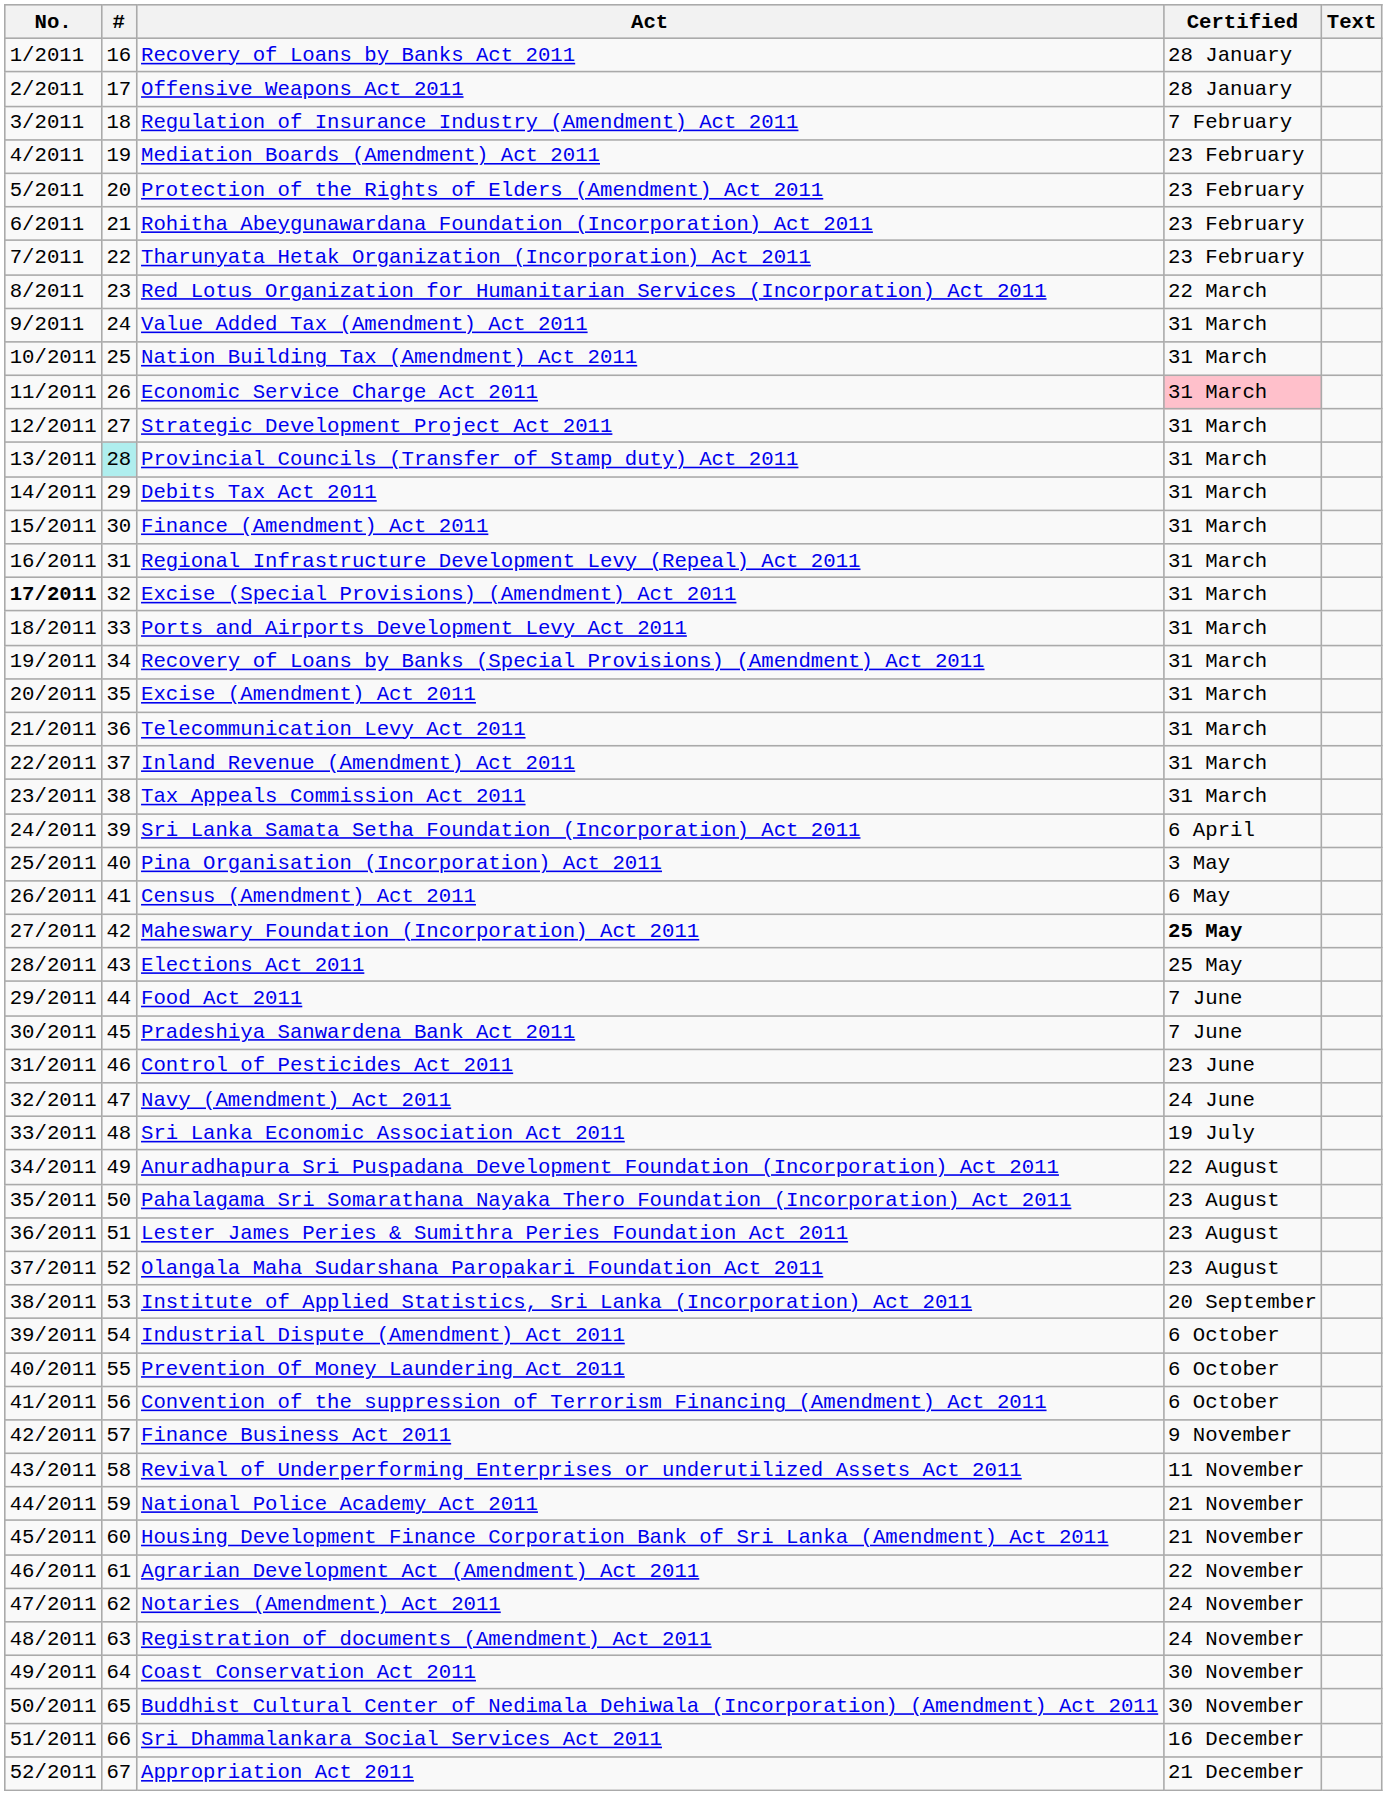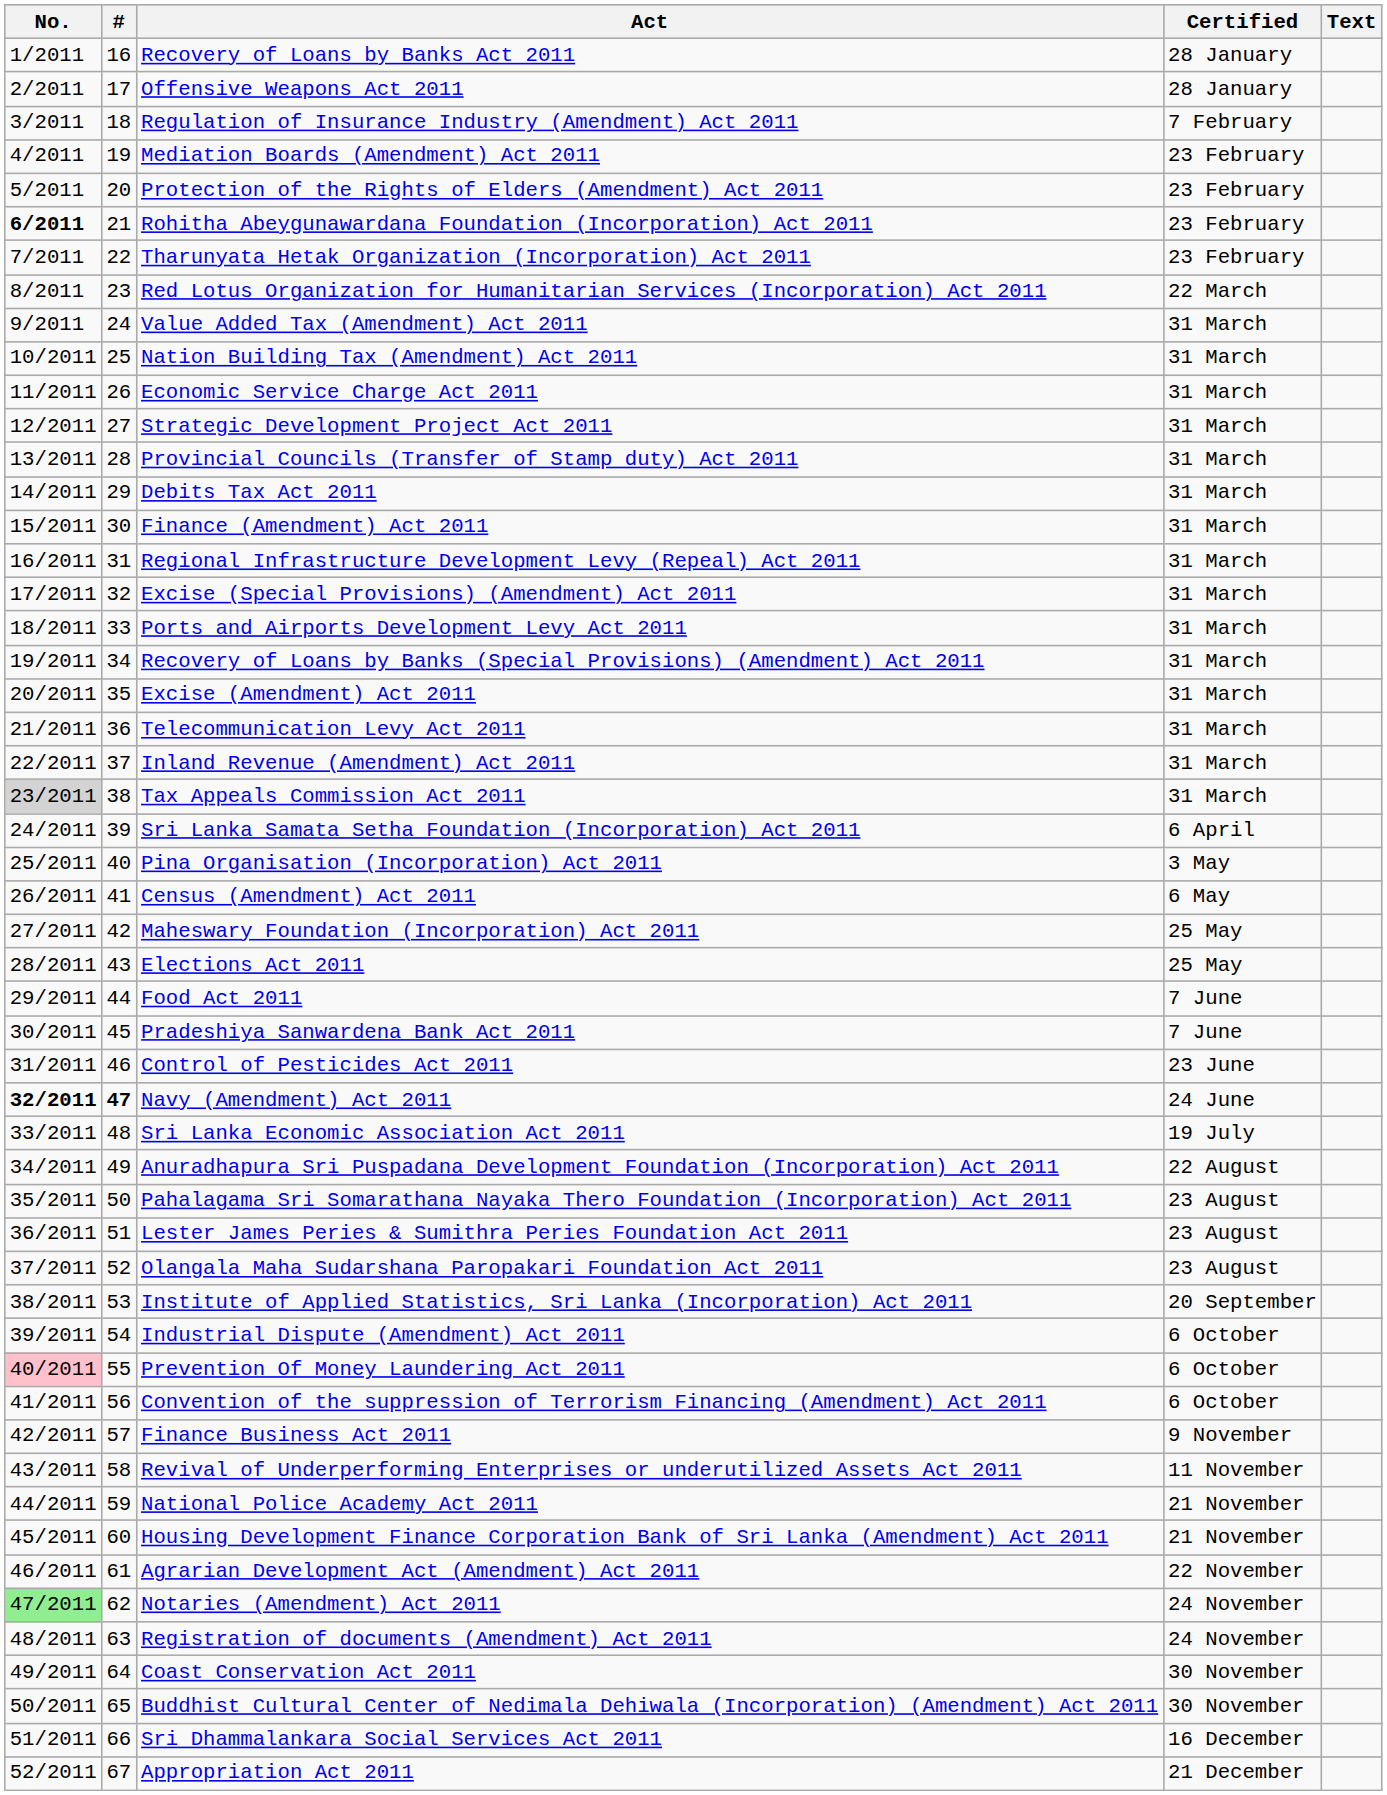 <table class="wikitable sortable">
 <tr>
 <th>No.</th>
 <th>#</th>
 <th>Act</th>
 <th>Certified</th>
 <th>Text</th>
 </tr>
 <tr>
 <td>1/2011</td>
 <td>16</td>
 <td><a href='#'>Recovery of Loans by Banks Act 2011</a></td>
 <td>28 January</td>
 <td></td>
 </tr>
 <tr>
 <td>2/2011</td>
 <td>17</td>
 <td><a href='#'>Offensive Weapons Act 2011</a></td>
 <td>28 January</td>
 <td></td>
 </tr>
 <tr>
 <td>3/2011</td>
 <td>18</td>
 <td><a href='#'>Regulation of Insurance Industry (Amendment) Act 2011</a></td>
 <td>7 February</td>
 <td></td>
 </tr>
 <tr>
 <td>4/2011</td>
 <td>19</td>
 <td><a href='#'>Mediation Boards (Amendment) Act 2011</a></td>
 <td>23 February</td>
 <td></td>
 </tr>
 <tr>
 <td>5/2011</td>
 <td>20</td>
 <td><a href='#'>Protection of the Rights of Elders (Amendment) Act 2011</a></td>
 <td>23 February</td>
 <td></td>
 </tr>
 <tr>
-<td>6/2011</td>
+<td><strong>6/2011</strong></td>
 <td>21</td>
 <td><a href='#'>Rohitha Abeygunawardana Foundation (Incorporation) Act 2011</a></td>
 <td>23 February</td>
 <td></td>
 </tr>
 <tr>
 <td>7/2011</td>
 <td>22</td>
 <td><a href='#'>Tharunyata Hetak Organization (Incorporation) Act 2011</a></td>
 <td>23 February</td>
 <td></td>
 </tr>
 <tr>
 <td>8/2011</td>
 <td>23</td>
 <td><a href='#'>Red Lotus Organization for Humanitarian Services (Incorporation) Act 2011</a></td>
 <td>22 March</td>
 <td></td>
 </tr>
 <tr>
 <td>9/2011</td>
 <td>24</td>
 <td><a href='#'>Value Added Tax (Amendment) Act 2011</a></td>
 <td>31 March</td>
 <td></td>
 </tr>
 <tr>
 <td>10/2011</td>
 <td>25</td>
 <td><a href='#'>Nation Building Tax (Amendment) Act 2011</a></td>
 <td>31 March</td>
 <td></td>
 </tr>
 <tr>
 <td>11/2011</td>
 <td>26</td>
 <td><a href='#'>Economic Service Charge Act 2011</a></td>
-<td style="background: pink;">31 March</td>
+<td>31 March</td>
 <td></td>
 </tr>
 <tr>
 <td>12/2011</td>
 <td>27</td>
 <td><a href='#'>Strategic Development Project Act 2011</a></td>
 <td>31 March</td>
 <td></td>
 </tr>
 <tr>
 <td>13/2011</td>
-<td style="background: paleturquoise;">28</td>
+<td>28</td>
 <td><a href='#'>Provincial Councils (Transfer of Stamp duty) Act 2011</a></td>
 <td>31 March</td>
 <td></td>
 </tr>
 <tr>
 <td>14/2011</td>
 <td>29</td>
 <td><a href='#'>Debits Tax Act 2011</a></td>
 <td>31 March</td>
 <td></td>
 </tr>
 <tr>
 <td>15/2011</td>
 <td>30</td>
 <td><a href='#'>Finance (Amendment) Act 2011</a></td>
 <td>31 March</td>
 <td></td>
 </tr>
 <tr>
 <td>16/2011</td>
 <td>31</td>
 <td><a href='#'>Regional Infrastructure Development Levy (Repeal) Act 2011</a></td>
 <td>31 March</td>
 <td></td>
 </tr>
 <tr>
-<td><strong>17/2011</strong></td>
+<td>17/2011</td>
 <td>32</td>
 <td><a href='#'>Excise (Special Provisions) (Amendment) Act 2011</a></td>
 <td>31 March</td>
 <td></td>
 </tr>
 <tr>
 <td>18/2011</td>
 <td>33</td>
 <td><a href='#'>Ports and Airports Development Levy Act 2011</a></td>
 <td>31 March</td>
 <td></td>
 </tr>
 <tr>
 <td>19/2011</td>
 <td>34</td>
 <td><a href='#'>Recovery of Loans by Banks (Special Provisions) (Amendment) Act 2011</a></td>
 <td>31 March</td>
 <td></td>
 </tr>
 <tr>
 <td>20/2011</td>
 <td>35</td>
 <td><a href='#'>Excise (Amendment) Act 2011</a></td>
 <td>31 March</td>
 <td></td>
 </tr>
 <tr>
 <td>21/2011</td>
 <td>36</td>
 <td><a href='#'>Telecommunication Levy Act 2011</a></td>
 <td>31 March</td>
 <td></td>
 </tr>
 <tr>
 <td>22/2011</td>
 <td>37</td>
 <td><a href='#'>Inland Revenue (Amendment) Act 2011</a></td>
 <td>31 March</td>
 <td></td>
 </tr>
 <tr>
-<td>23/2011</td>
+<td style="background: lightgrey;">23/2011</td>
 <td>38</td>
 <td><a href='#'>Tax Appeals Commission Act 2011</a></td>
 <td>31 March</td>
 <td></td>
 </tr>
 <tr>
 <td>24/2011</td>
 <td>39</td>
 <td><a href='#'>Sri Lanka Samata Setha Foundation (Incorporation) Act 2011</a></td>
 <td>6 April</td>
 <td></td>
 </tr>
 <tr>
 <td>25/2011</td>
 <td>40</td>
 <td><a href='#'>Pina Organisation (Incorporation) Act 2011</a></td>
 <td>3 May</td>
 <td></td>
 </tr>
 <tr>
 <td>26/2011</td>
 <td>41</td>
 <td><a href='#'>Census (Amendment) Act 2011</a></td>
 <td>6 May</td>
 <td></td>
 </tr>
 <tr>
 <td>27/2011</td>
 <td>42</td>
 <td><a href='#'>Maheswary Foundation (Incorporation) Act 2011</a></td>
-<td><strong>25 May</strong></td>
+<td>25 May</td>
 <td></td>
 </tr>
 <tr>
 <td>28/2011</td>
 <td>43</td>
 <td><a href='#'>Elections Act 2011</a></td>
 <td>25 May</td>
 <td></td>
 </tr>
 <tr>
 <td>29/2011</td>
 <td>44</td>
 <td><a href='#'>Food Act 2011</a></td>
 <td>7 June</td>
 <td></td>
 </tr>
 <tr>
 <td>30/2011</td>
 <td>45</td>
 <td><a href='#'>Pradeshiya Sanwardena Bank Act 2011</a></td>
 <td>7 June</td>
 <td></td>
 </tr>
 <tr>
 <td>31/2011</td>
 <td>46</td>
 <td><a href='#'>Control of Pesticides Act 2011</a></td>
 <td>23 June</td>
 <td></td>
 </tr>
 <tr>
-<td>32/2011</td>
-<td>47</td>
+<td><strong>32/2011</strong></td>
+<td><strong>47</strong></td>
 <td><a href='#'>Navy (Amendment) Act 2011</a></td>
 <td>24 June</td>
 <td></td>
 </tr>
 <tr>
 <td>33/2011</td>
 <td>48</td>
 <td><a href='#'>Sri Lanka Economic Association Act 2011</a></td>
 <td>19 July</td>
 <td></td>
 </tr>
 <tr>
 <td>34/2011</td>
 <td>49</td>
 <td><a href='#'>Anuradhapura Sri Puspadana Development Foundation (Incorporation) Act 2011</a></td>
 <td>22 August</td>
 <td></td>
 </tr>
 <tr>
 <td>35/2011</td>
 <td>50</td>
 <td><a href='#'>Pahalagama Sri Somarathana Nayaka Thero Foundation (Incorporation) Act 2011</a></td>
 <td>23 August</td>
 <td></td>
 </tr>
 <tr>
 <td>36/2011</td>
 <td>51</td>
 <td><a href='#'>Lester James Peries & Sumithra Peries Foundation Act 2011</a></td>
 <td>23 August</td>
 <td></td>
 </tr>
 <tr>
 <td>37/2011</td>
 <td>52</td>
 <td><a href='#'>Olangala Maha Sudarshana Paropakari Foundation Act 2011</a></td>
 <td>23 August</td>
 <td></td>
 </tr>
 <tr>
 <td>38/2011</td>
 <td>53</td>
 <td><a href='#'>Institute of Applied Statistics, Sri Lanka (Incorporation) Act 2011</a></td>
 <td>20 September</td>
 <td></td>
 </tr>
 <tr>
 <td>39/2011</td>
 <td>54</td>
 <td><a href='#'>Industrial Dispute (Amendment) Act 2011</a></td>
 <td>6 October</td>
 <td></td>
 </tr>
 <tr>
-<td>40/2011</td>
+<td style="background: pink;">40/2011</td>
 <td>55</td>
 <td><a href='#'>Prevention Of Money Laundering Act 2011</a></td>
 <td>6 October</td>
 <td></td>
 </tr>
 <tr>
 <td>41/2011</td>
 <td>56</td>
 <td><a href='#'>Convention of the suppression of Terrorism Financing (Amendment) Act 2011</a></td>
 <td>6 October</td>
 <td></td>
 </tr>
 <tr>
 <td>42/2011</td>
 <td>57</td>
 <td><a href='#'>Finance Business Act 2011</a></td>
 <td>9 November</td>
 <td></td>
 </tr>
 <tr>
 <td>43/2011</td>
 <td>58</td>
 <td><a href='#'>Revival of Underperforming Enterprises or underutilized Assets Act 2011</a></td>
 <td>11 November</td>
 <td></td>
 </tr>
 <tr>
 <td>44/2011</td>
 <td>59</td>
 <td><a href='#'>National Police Academy Act 2011</a></td>
 <td>21 November</td>
 <td></td>
 </tr>
 <tr>
 <td>45/2011</td>
 <td>60</td>
 <td><a href='#'>Housing Development Finance Corporation Bank of Sri Lanka (Amendment) Act 2011</a></td>
 <td>21 November</td>
 <td></td>
 </tr>
 <tr>
 <td>46/2011</td>
 <td>61</td>
 <td><a href='#'>Agrarian Development Act (Amendment) Act 2011</a></td>
 <td>22 November</td>
 <td></td>
 </tr>
 <tr>
-<td>47/2011</td>
+<td style="background: lightgreen;">47/2011</td>
 <td>62</td>
 <td><a href='#'>Notaries (Amendment) Act 2011</a></td>
 <td>24 November</td>
 <td></td>
 </tr>
 <tr>
 <td>48/2011</td>
 <td>63</td>
 <td><a href='#'>Registration of documents (Amendment) Act 2011</a></td>
 <td>24 November</td>
 <td></td>
 </tr>
 <tr>
 <td>49/2011</td>
 <td>64</td>
 <td><a href='#'>Coast Conservation Act 2011</a></td>
 <td>30 November</td>
 <td></td>
 </tr>
 <tr>
 <td>50/2011</td>
 <td>65</td>
 <td><a href='#'>Buddhist Cultural Center of Nedimala Dehiwala (Incorporation) (Amendment) Act 2011</a></td>
 <td>30 November</td>
 <td></td>
 </tr>
 <tr>
 <td>51/2011</td>
 <td>66</td>
 <td><a href='#'>Sri Dhammalankara Social Services Act 2011</a></td>
 <td>16 December</td>
 <td></td>
 </tr>
 <tr>
 <td>52/2011</td>
 <td>67</td>
 <td><a href='#'>Appropriation Act 2011</a></td>
 <td>21 December</td>
 <td></td>
 </tr>
 </table>
